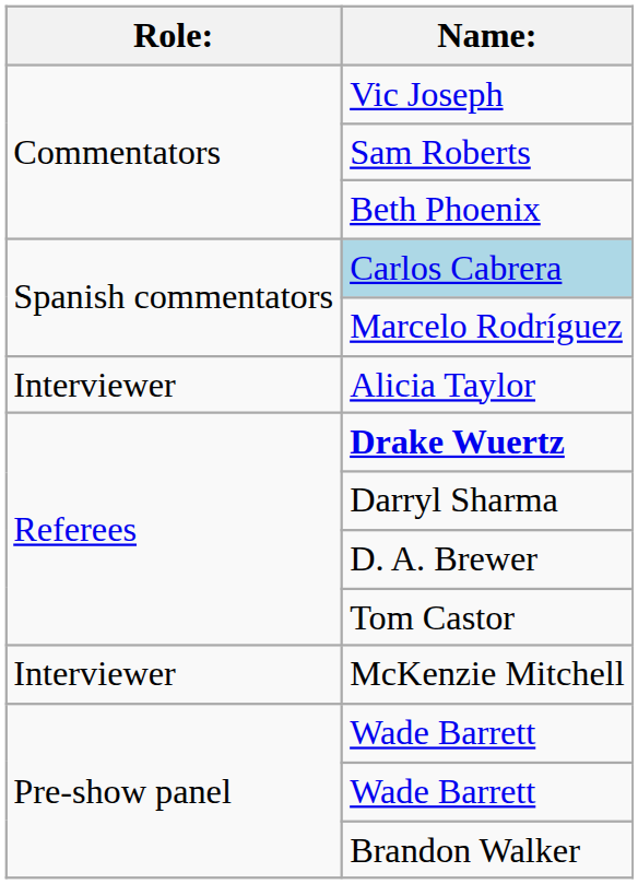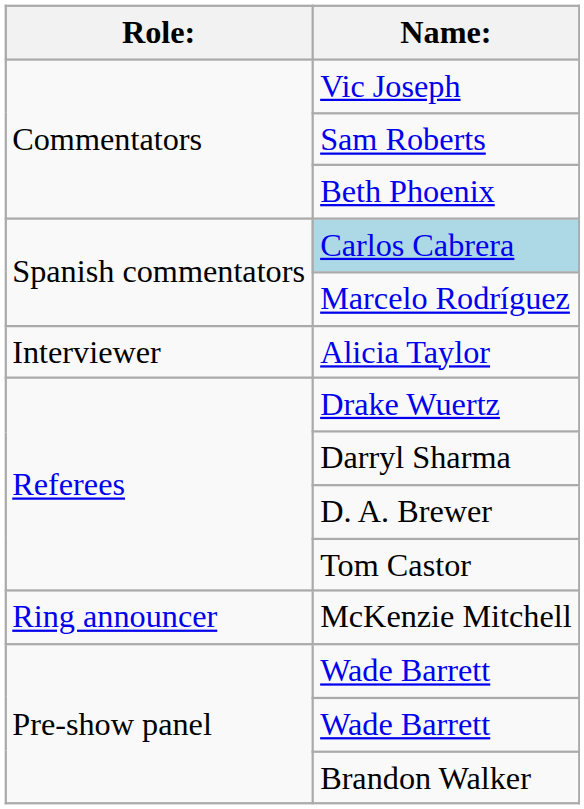 <table class=wikitable style="font-size:90%; margin: 0.5em 0 0.5em 1em; float: right; clear: right;">
 <tr>
 <th>Role:</th>
 <th>Name:</th>
 </tr>
 <tr>
 <td rowspan=3>Commentators</td>
 <td><a href='#'>Vic Joseph</a></td>
 </tr>
 <tr>
 <td><a href='#'>Sam Roberts</a></td>
 </tr>
 <tr>
 <td><a href='#'>Beth Phoenix</a></td>
 </tr>
 <tr>
 <td rowspan=2>Spanish commentators</td>
 <td style="background: lightblue;"><a href='#'>Carlos Cabrera</a></td>
 </tr>
 <tr>
 <td><a href='#'>Marcelo Rodríguez</a></td>
 </tr>
 <tr>
 <td rowspan=1>Interviewer</td>
 <td><a href='#'>Alicia Taylor</a></td>
 </tr>
 <tr>
 <td rowspan=4><a href='#'>Referees</a></td>
-<td><strong><a href='#'>Drake Wuertz</a></strong></td>
+<td><a href='#'>Drake Wuertz</a></td>
 </tr>
 <tr>
 <td>Darryl Sharma</td>
 </tr>
 <tr>
 <td>D. A. Brewer</td>
 </tr>
 <tr>
 <td>Tom Castor</td>
 </tr>
 <tr>
-<td rowspan=1>Interviewer</td>
+<td rowspan=1><a href='#'>Ring announcer</a></td>
 <td>McKenzie Mitchell</td>
 </tr>
 <tr>
 <td rowspan=3>Pre-show panel</td>
 <td><a href='#'>Wade Barrett</a></td>
 </tr>
 <tr>
 <td><a href='#'>Wade Barrett</a></td>
 </tr>
 <tr>
 <td>Brandon Walker</td>
 </tr>
 </table>
